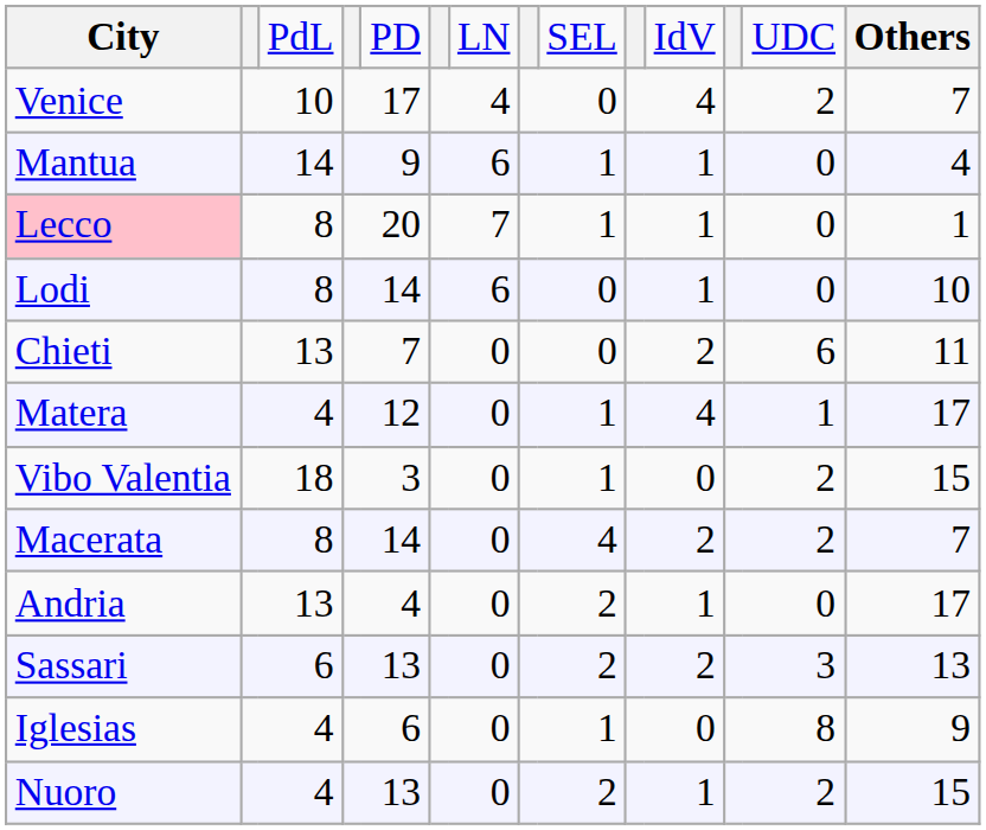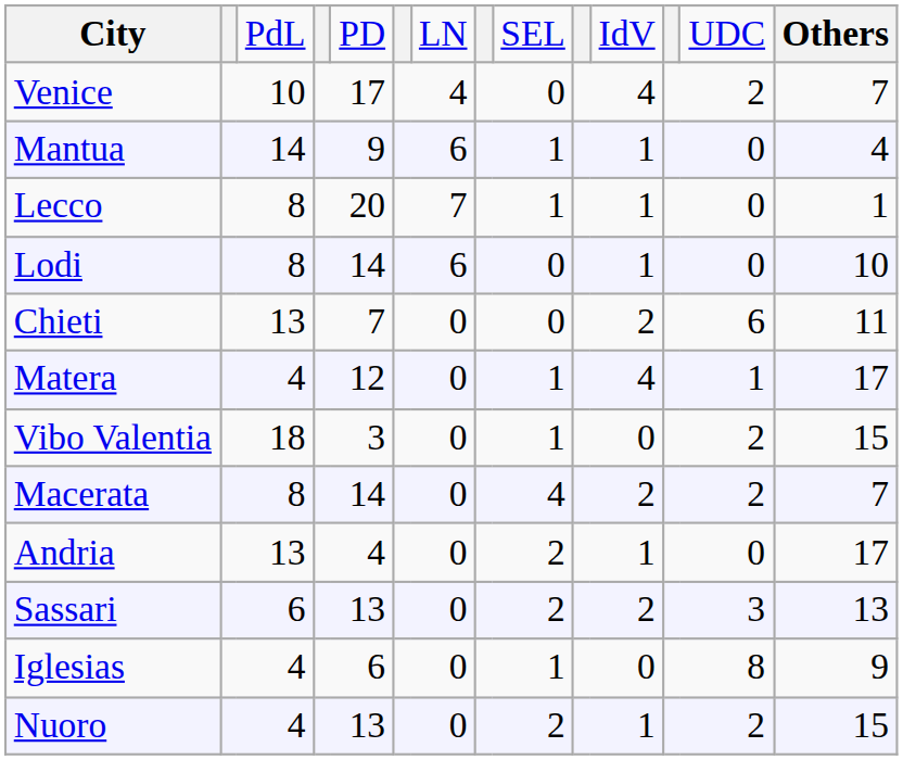 <table class="wikitable" style="text-align:right; padding-left:1em">
 <tr>
 <th align="left">City</th>
 <th style="background-color: "></th>
 <td><a href='#'>PdL</a></td>
 <th style="background-color: "></th>
 <td><a href='#'>PD</a></td>
 <th style="background-color: "></th>
 <td><a href='#'>LN</a></td>
 <th style="background-color: "></th>
 <td><a href='#'>SEL</a></td>
 <th style="background-color: "></th>
 <td><a href='#'>IdV</a></td>
 <th style="background-color: "></th>
 <td><a href='#'>UDC</a></td>
 <th colspan=2>Others</th>
 </tr>
 <tr>
 <td align=left><a href='#'>Venice</a></td>
 <td colspan=2>10</td>
 <td colspan=2>17</td>
 <td colspan=2>4</td>
 <td colspan=2>0</td>
 <td colspan=2>4</td>
 <td colspan=2>2</td>
 <td colspan=2>7</td>
 </tr>
 <tr bgcolor=F3F3FF>
 <td align=left><a href='#'>Mantua</a></td>
 <td colspan=2>14</td>
 <td colspan=2>9</td>
 <td colspan=2>6</td>
 <td colspan=2>1</td>
 <td colspan=2>1</td>
 <td colspan=2>0</td>
 <td colspan=2>4</td>
 </tr>
 <tr>
-<td align=left style="background: pink;"><a href='#'>Lecco</a></td>
+<td align=left><a href='#'>Lecco</a></td>
 <td colspan=2>8</td>
 <td colspan=2>20</td>
 <td colspan=2>7</td>
 <td colspan=2>1</td>
 <td colspan=2>1</td>
 <td colspan=2>0</td>
 <td colspan=2>1</td>
 </tr>
 <tr bgcolor=F3F3FF>
 <td align=left><a href='#'>Lodi</a></td>
 <td colspan=2>8</td>
 <td colspan=2>14</td>
 <td colspan=2>6</td>
 <td colspan=2>0</td>
 <td colspan=2>1</td>
 <td colspan=2>0</td>
 <td colspan=2>10</td>
 </tr>
 <tr>
 <td align=left><a href='#'>Chieti</a></td>
 <td colspan=2>13</td>
 <td colspan=2>7</td>
 <td colspan=2>0</td>
 <td colspan=2>0</td>
 <td colspan=2>2</td>
 <td colspan=2>6</td>
 <td colspan=2>11</td>
 </tr>
 <tr bgcolor=F3F3FF>
 <td align=left><a href='#'>Matera</a></td>
 <td colspan=2>4</td>
 <td colspan=2>12</td>
 <td colspan=2>0</td>
 <td colspan=2>1</td>
 <td colspan=2>4</td>
 <td colspan=2>1</td>
 <td colspan=2>17</td>
 </tr>
 <tr>
 <td align=left><a href='#'>Vibo Valentia</a></td>
 <td colspan=2>18</td>
 <td colspan=2>3</td>
 <td colspan=2>0</td>
 <td colspan=2>1</td>
 <td colspan=2>0</td>
 <td colspan=2>2</td>
 <td colspan=2>15</td>
 </tr>
 <tr bgcolor=F3F3FF>
 <td align=left><a href='#'>Macerata</a></td>
 <td colspan=2>8</td>
 <td colspan=2>14</td>
 <td colspan=2>0</td>
 <td colspan=2>4</td>
 <td colspan=2>2</td>
 <td colspan=2>2</td>
 <td colspan=2>7</td>
 </tr>
 <tr>
 <td align=left><a href='#'>Andria</a></td>
 <td colspan=2>13</td>
 <td colspan=2>4</td>
 <td colspan=2>0</td>
 <td colspan=2>2</td>
 <td colspan=2>1</td>
 <td colspan=2>0</td>
 <td colspan=2>17</td>
 </tr>
 <tr bgcolor=F3F3FF>
 <td align=left><a href='#'>Sassari</a></td>
 <td colspan=2>6</td>
 <td colspan=2>13</td>
 <td colspan=2>0</td>
 <td colspan=2>2</td>
 <td colspan=2>2</td>
 <td colspan=2>3</td>
 <td colspan=2>13</td>
 </tr>
 <tr>
 <td align=left><a href='#'>Iglesias</a></td>
 <td colspan=2>4</td>
 <td colspan=2>6</td>
 <td colspan=2>0</td>
 <td colspan=2>1</td>
 <td colspan=2>0</td>
 <td colspan=2>8</td>
 <td colspan=2>9</td>
 </tr>
 <tr bgcolor=F3F3FF>
 <td align=left><a href='#'>Nuoro</a></td>
 <td colspan=2>4</td>
 <td colspan=2>13</td>
 <td colspan=2>0</td>
 <td colspan=2>2</td>
 <td colspan=2>1</td>
 <td colspan=2>2</td>
 <td colspan=2>15</td>
 </tr>
 </table>
